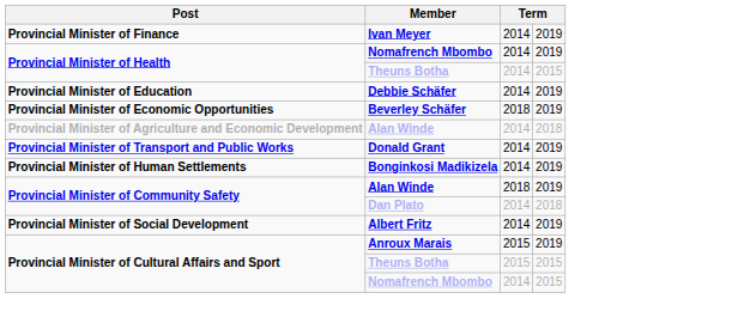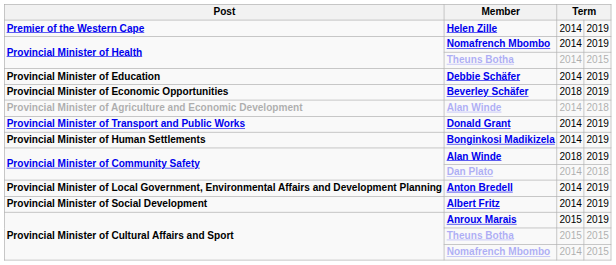 <table class="wikitable">
 <tr>
 <th>Post</th>
 <th>Member</th>
 <th colspan="2">Term</th>
 </tr>
 <tr>
-<td><strong>Provincial Minister of Finance</strong></td>
-<td><strong><a href='#'>Ivan Meyer</a></strong></td>
+<td><strong><a href='#'>Premier of the Western Cape</a></strong></td>
+<td><strong><a href='#'>Helen Zille</a></strong></td>
 <td>2014</td>
 <td>2019</td>
 </tr>
 <tr>
 <td rowspan="2"><a href='#'><strong>Provincial Minister of Health</strong></a></td>
 <td><strong><a href='#'>Nomafrench Mbombo</a></strong></td>
 <td>2014</td>
 <td>2019</td>
 </tr>
 <tr style="opacity:.3;">
 <td><strong><a href='#'>Theuns Botha</a></strong></td>
 <td>2014</td>
 <td>2015</td>
 </tr>
 <tr>
 <td><strong>Provincial Minister of Education</strong></td>
 <td><strong><a href='#'>Debbie Schäfer</a></strong></td>
 <td>2014</td>
 <td>2019</td>
 </tr>
 <tr>
 <td><strong>Provincial Minister of Economic Opportunities</strong></td>
 <td><strong><a href='#'>Beverley Schäfer</a></strong></td>
 <td>2018</td>
 <td>2019</td>
 </tr>
 <tr style="opacity:.3;">
 <td><strong>Provincial Minister of Agriculture and Economic Development</strong></td>
 <td><strong><a href='#'>Alan Winde</a></strong></td>
 <td>2014</td>
 <td>2018</td>
 </tr>
 <tr>
 <td><a href='#'><strong>Provincial Minister of Transport and Public Works</strong></a></td>
 <td><a href='#'><strong>Donald Grant</strong></a></td>
 <td>2014</td>
 <td>2019</td>
 </tr>
 <tr>
 <td><strong>Provincial Minister of Human Settlements</strong></td>
 <td><strong><a href='#'>Bonginkosi Madikizela</a></strong></td>
 <td>2014</td>
 <td>2019</td>
 </tr>
 <tr>
 <td rowspan="2"><a href='#'><strong>Provincial Minister of Community Safety</strong></a></td>
 <td><strong><a href='#'>Alan Winde</a></strong></td>
 <td>2018</td>
 <td>2019</td>
 </tr>
 <tr style="opacity:.3;">
 <td><strong><a href='#'>Dan Plato</a></strong></td>
 <td>2014</td>
 <td>2018</td>
 </tr>
 <tr>
+<td><strong>Provincial Minister of Local Government, Environmental Affairs and Development Planning</strong></td>
+<td><strong><a href='#'>Anton Bredell</a></strong></td>
+<td>2014</td>
+<td>2019</td>
+</tr>
+<tr>
 <td><strong>Provincial Minister of Social Development</strong></td>
 <td><strong><a href='#'>Albert Fritz</a></strong></td>
 <td>2014</td>
 <td>2019</td>
 </tr>
 <tr>
 <td rowspan="3"><strong>Provincial Minister of Cultural Affairs and Sport</strong></td>
 <td><strong><a href='#'>Anroux Marais</a></strong></td>
 <td>2015</td>
 <td>2019</td>
 </tr>
 <tr style="opacity:.3;">
 <td><strong><a href='#'>Theuns Botha</a></strong></td>
 <td>2015</td>
 <td>2015</td>
 </tr>
 <tr style="opacity:.3;">
 <td><strong><a href='#'>Nomafrench Mbombo</a></strong></td>
 <td>2014</td>
 <td>2015</td>
 </tr>
 </table>
